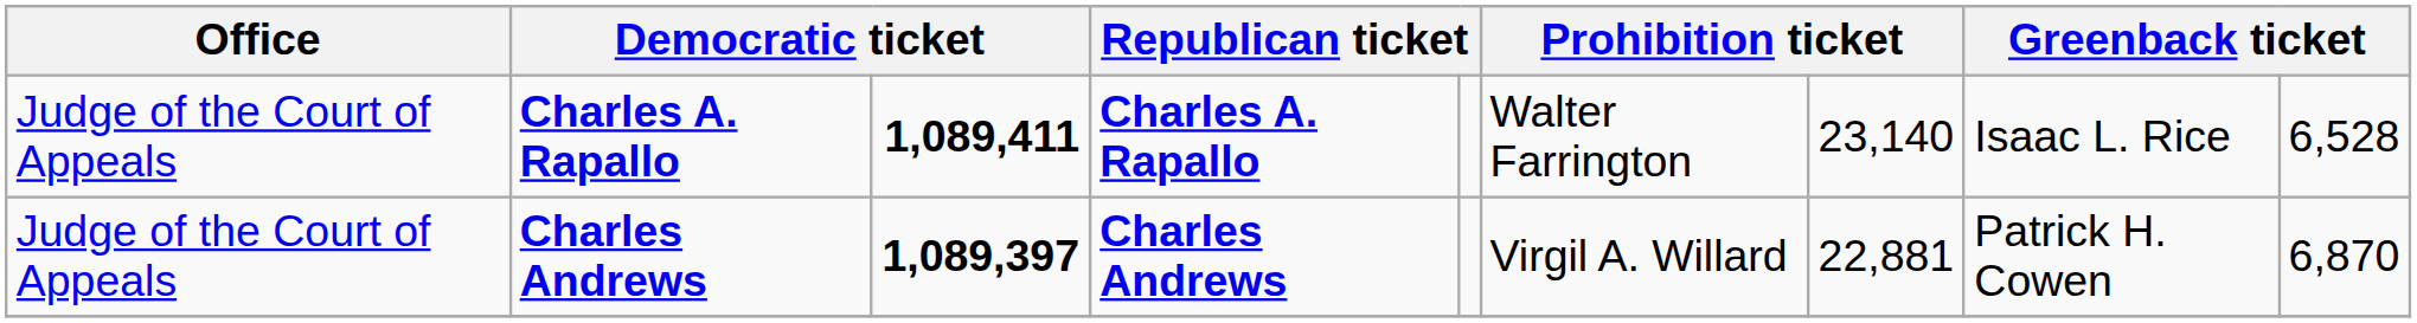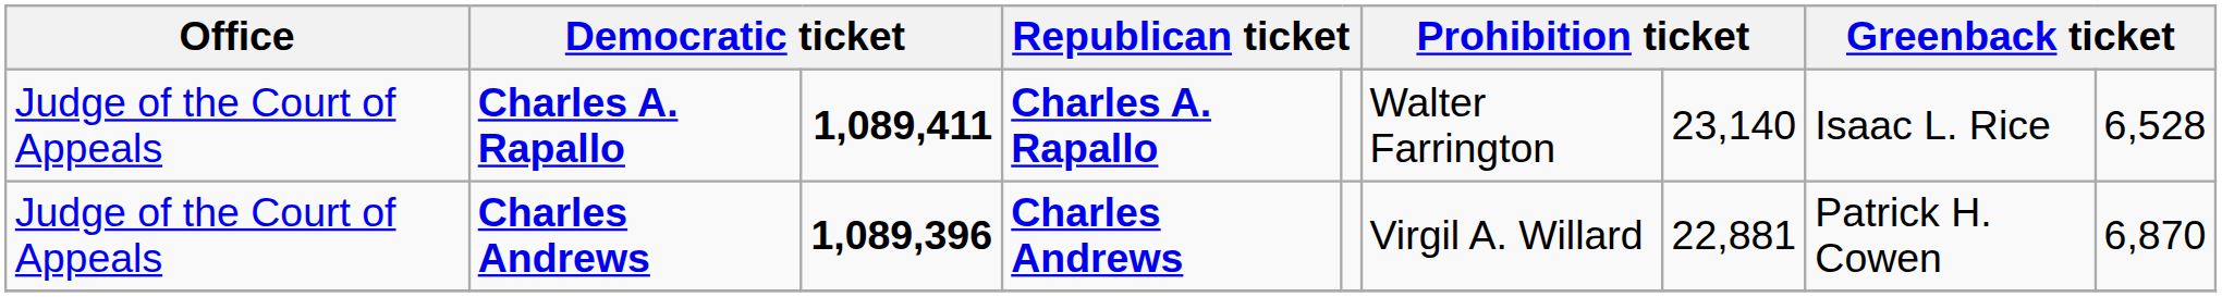 <table class=wikitable>
 <tr bgcolor=lightgrey>
 <th>Office</th>
 <th colspan="2" ><a href='#'>Democratic</a> ticket</th>
 <th colspan="2" ><a href='#'>Republican</a> ticket</th>
 <th colspan="2" ><a href='#'>Prohibition</a> ticket</th>
 <th colspan="2" ><a href='#'>Greenback</a> ticket</th>
 </tr>
 <tr>
 <td><a href='#'>Judge of the Court of Appeals</a></td>
 <td><strong><a href='#'>Charles A. Rapallo</a></strong></td>
 <td align="right"><strong>1,089,411</strong></td>
 <td><strong><a href='#'>Charles A. Rapallo</a></strong></td>
 <td align="right"></td>
 <td>Walter Farrington</td>
 <td align="right">23,140</td>
 <td>Isaac L. Rice</td>
 <td align="right">6,528</td>
 </tr>
 <tr>
 <td><a href='#'>Judge of the Court of Appeals</a></td>
 <td><strong><a href='#'>Charles Andrews</a></strong></td>
-<td align="right"><strong>1,089,397</strong></td>
+<td align="right"><strong>1,089,396</strong></td>
 <td><strong><a href='#'>Charles Andrews</a></strong></td>
 <td align="right"></td>
 <td>Virgil A. Willard</td>
 <td align="right">22,881</td>
 <td>Patrick H. Cowen</td>
 <td align="right">6,870</td>
 </tr>
 <tr>
 </tr>
 </table>
